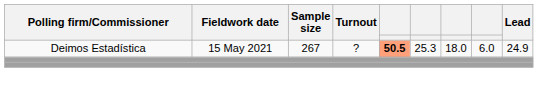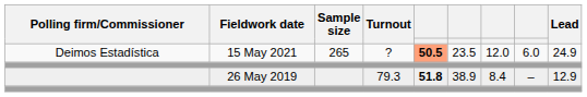 <table class="wikitable collapsible collapsed" style="text-align:center; font-size:95%; line-height:16px;">
 <tr style="height:42px;">
 <th style="width:250px;" rowspan="2">Polling firm/Commissioner</th>
 <th style="width:125px;" rowspan="2">Fieldwork date</th>
 <th style="width:50px;" rowspan="2">Sample size</th>
 <th style="width:45px;" rowspan="2">Turnout</th>
 <th style="width:35px;"></th>
 <th style="width:35px;"></th>
 <th style="width:35px;"></th>
 <th style="width:35px;"></th>
 <th style="width:30px;" rowspan="2">Lead</th>
 </tr>
 <tr>
 <th style="color:inherit;background:"></th>
 <th style="color:inherit;background:"></th>
 <th style="color:inherit;background:"></th>
 <th style="color:inherit;background:"></th>
 </tr>
 <tr>
 <td>Deimos Estadística</td>
 <td>15 May 2021</td>
-<td>267</td>
+<td>265</td>
 <td>?</td>
 <td style="background: lightsalmon;"><strong>50.5</strong><br></td>
-<td>25.3<br></td>
-<td>18.0<br></td>
+<td>23.5<br></td>
+<td>12.0<br></td>
 <td>6.0<br></td>
 <td style="background:">24.9</td>
 </tr>
 <tr>
 <td colspan="9" style="background:#A0A0A0"></td>
 </tr>
+<tr style="background:#EFEFEF;">
+<td><strong></strong></td>
+<td>26 May 2019</td>
+<td></td>
+<td>79.3</td>
+<td><strong>51.8</strong><br></td>
+<td>38.9<br></td>
+<td>8.4<br></td>
+<td>–</td>
+<td style="background:">12.9</td>
+</tr>
 <tr>
 <td colspan="9" style="background:#A0A0A0"></td>
 </tr>
 </table>
